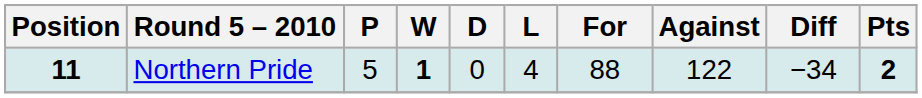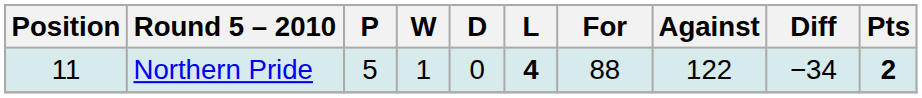 <table class="wikitable" style="text-align:center; font-size:85%;">
 <tr>
 <th width=40 abbr="Position">Position</th>
 <th width=100>Round 5 – 2010</th>
 <th width=20 abbr="Played">P</th>
 <th width=20 abbr="Won">W</th>
 <th width=20 abbr="Drawn">D</th>
 <th width=20 abbr="Lost">L</th>
 <th width=40 abbr="Points for">For</th>
 <th width=40 abbr="Points against">Against</th>
 <th width=40 abbr="Points difference">Diff</th>
 <th width=20 abbr="Points">Pts</th>
 </tr>
 <tr style="background: #d7ebed;">
-<td><strong>11</strong></td>
+<td>11</td>
 <td style="text-align:left;"> <a href='#'>Northern Pride</a></td>
 <td>5</td>
-<td><strong>1</strong></td>
+<td>1</td>
 <td>0</td>
-<td>4</td>
+<td><strong>4</strong></td>
 <td>88</td>
 <td>122</td>
 <td>−34</td>
 <td><strong>2</strong></td>
 </tr>
 <tr>
 </tr>
 </table>
